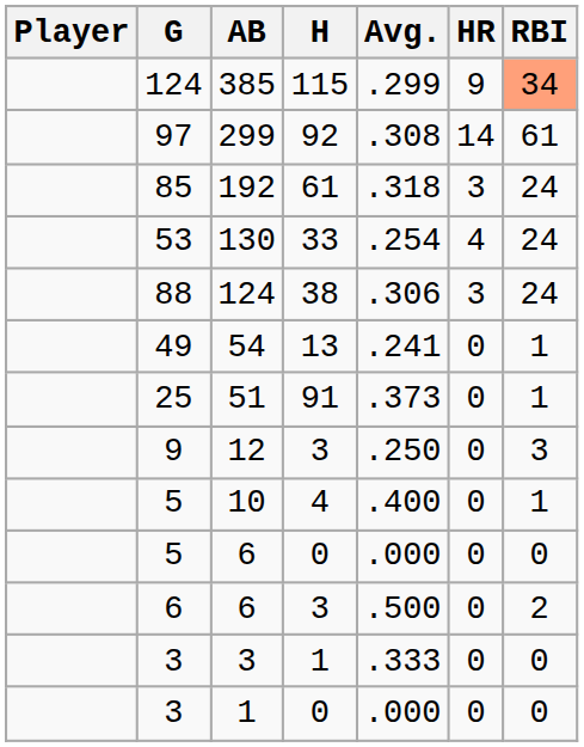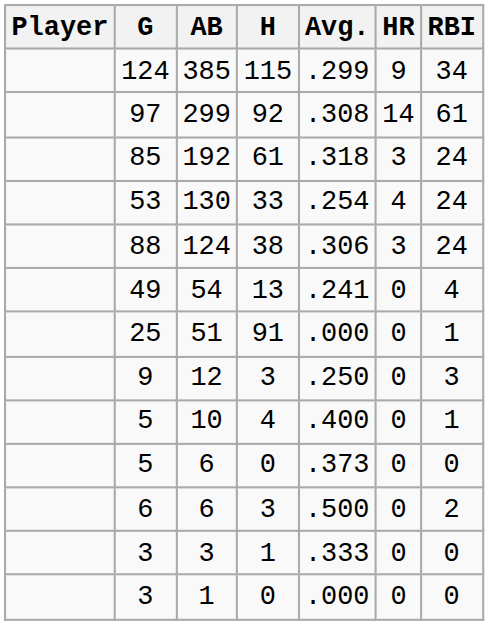 <table class="wikitable sortable">
 <tr>
 <th>Player</th>
 <th>G</th>
 <th>AB</th>
 <th>H</th>
 <th>Avg.</th>
 <th>HR</th>
 <th>RBI</th>
 </tr>
 <tr align="center">
 <td></td>
 <td>124</td>
 <td>385</td>
 <td>115</td>
 <td>.299</td>
 <td>9</td>
-<td style="background: lightsalmon;">34</td>
+<td>34</td>
 </tr>
 <tr align="center">
 <td></td>
 <td>97</td>
 <td>299</td>
 <td>92</td>
 <td>.308</td>
 <td>14</td>
 <td>61</td>
 </tr>
 <tr align="center">
 <td></td>
 <td>85</td>
 <td>192</td>
 <td>61</td>
 <td>.318</td>
 <td>3</td>
 <td>24</td>
 </tr>
 <tr align="center">
 <td></td>
 <td>53</td>
 <td>130</td>
 <td>33</td>
 <td>.254</td>
 <td>4</td>
 <td>24</td>
 </tr>
 <tr align=center>
 <td></td>
 <td>88</td>
 <td>124</td>
 <td>38</td>
 <td>.306</td>
 <td>3</td>
 <td>24</td>
 </tr>
 <tr align="center">
 <td></td>
 <td>49</td>
 <td>54</td>
 <td>13</td>
 <td>.241</td>
 <td>0</td>
-<td>1</td>
+<td>4</td>
 </tr>
 <tr align="center">
 <td></td>
 <td>25</td>
 <td>51</td>
 <td>91</td>
-<td>.373</td>
+<td>.000</td>
 <td>0</td>
 <td>1</td>
 </tr>
 <tr align="center">
 <td></td>
 <td>9</td>
 <td>12</td>
 <td>3</td>
 <td>.250</td>
 <td>0</td>
 <td>3</td>
 </tr>
 <tr align="center">
 <td></td>
 <td>5</td>
 <td>10</td>
 <td>4</td>
 <td>.400</td>
 <td>0</td>
 <td>1</td>
 </tr>
 <tr align="center">
 <td></td>
 <td>5</td>
 <td>6</td>
 <td>0</td>
-<td>.000</td>
+<td>.373</td>
 <td>0</td>
 <td>0</td>
 </tr>
 <tr align="center">
 <td></td>
 <td>6</td>
 <td>6</td>
 <td>3</td>
 <td>.500</td>
 <td>0</td>
 <td>2</td>
 </tr>
 <tr align="center">
 <td></td>
 <td>3</td>
 <td>3</td>
 <td>1</td>
 <td>.333</td>
 <td>0</td>
 <td>0</td>
 </tr>
 <tr align="center">
 <td></td>
 <td>3</td>
 <td>1</td>
 <td>0</td>
 <td>.000</td>
 <td>0</td>
 <td>0</td>
 </tr>
 </table>
